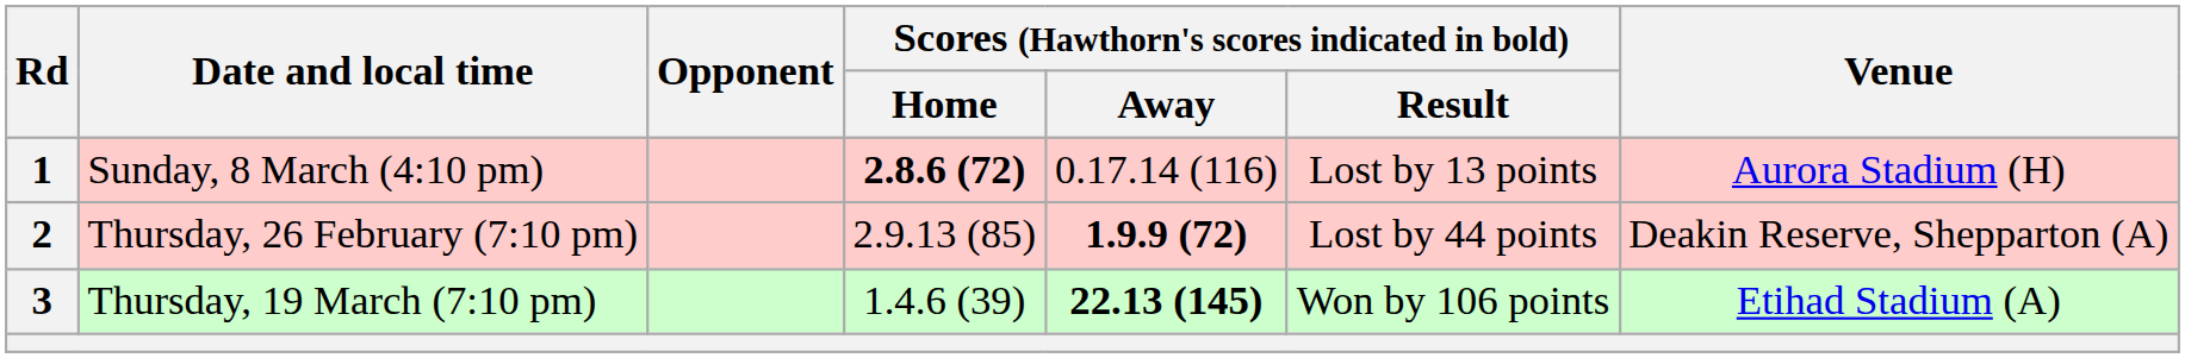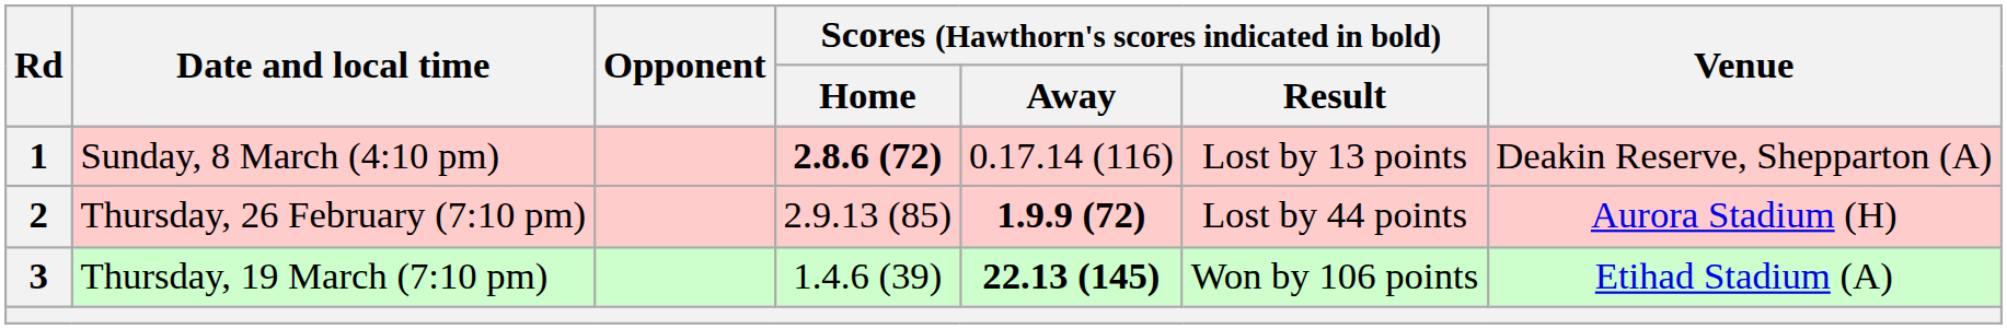 <table class="wikitable" style="text-align:center">
 <tr style="text-align:center">
 <th rowspan="2">Rd</th>
 <th rowspan="2">Date and local time</th>
 <th rowspan="2">Opponent</th>
 <th colspan="3">Scores <small>(Hawthorn's scores indicated in bold)</small></th>
 <th rowspan="2">Venue</th>
 </tr>
 <tr>
 <th>Home</th>
 <th>Away</th>
 <th>Result</th>
 </tr>
 <tr style="background:#fcc;">
 <th>1</th>
 <td align=left>Sunday, 8 March (4:10 pm)</td>
 <td align=left></td>
 <td><strong>2.8.6 (72)</strong></td>
 <td>0.17.14 (116)</td>
 <td>Lost by 13 points</td>
-<td><a href='#'>Aurora Stadium</a> (H)</td>
+<td>Deakin Reserve, Shepparton (A)</td>
 </tr>
 <tr style="background:#fcc;">
 <th>2</th>
 <td align=left>Thursday, 26 February (7:10 pm)</td>
 <td align=left></td>
 <td>2.9.13 (85)</td>
 <td><strong>1.9.9 (72)</strong></td>
 <td>Lost by 44 points</td>
-<td>Deakin Reserve, Shepparton (A)</td>
+<td><a href='#'>Aurora Stadium</a> (H)</td>
 </tr>
 <tr style="background:#cfc">
 <th>3</th>
 <td align=left>Thursday, 19 March (7:10 pm)</td>
 <td align=left></td>
 <td>1.4.6 (39)</td>
 <td><strong>22.13 (145)</strong></td>
 <td>Won by 106 points</td>
 <td><a href='#'>Etihad Stadium</a> (A)</td>
 </tr>
 <tr>
 <th colspan=8></th>
 </tr>
 </table>
